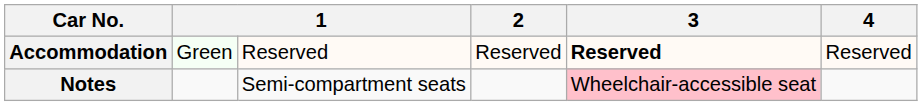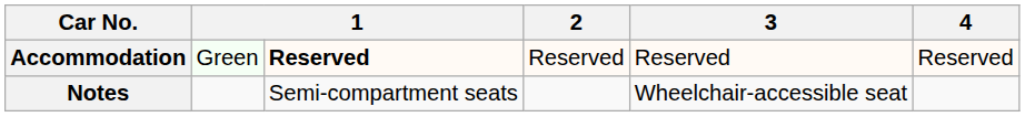 <table class="wikitable">
 <tr>
 <th>Car No.</th>
 <th colspan="2">1</th>
 <th>2</th>
 <th>3</th>
 <th>4</th>
 </tr>
 <tr>
 <th>Accommodation</th>
 <td style="background: #F5FFF5">Green</td>
+<td style="background: #FFFAF5"><strong>Reserved</strong></td>
 <td style="background: #FFFAF5">Reserved</td>
 <td style="background: #FFFAF5">Reserved</td>
-<td style="background: #FFFAF5"><strong>Reserved</strong></td>
 <td style="background: #FFFAF5">Reserved</td>
 </tr>
 <tr>
 <th>Notes</th>
 <td></td>
 <td>Semi-compartment seats</td>
 <td></td>
-<td style="background: pink;">Wheelchair-accessible seat</td>
+<td>Wheelchair-accessible seat</td>
 <td></td>
 </tr>
 </table>
